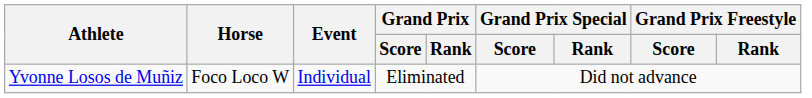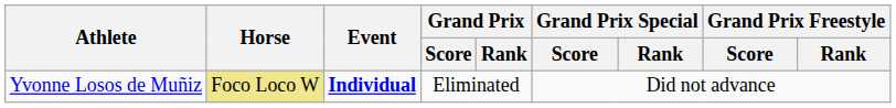 <table class=wikitable style="font-size:90%">
 <tr>
 <th rowspan="2">Athlete</th>
 <th rowspan="2">Horse</th>
 <th rowspan="2">Event</th>
 <th colspan="2">Grand Prix</th>
 <th colspan="2">Grand Prix Special</th>
 <th colspan="2">Grand Prix Freestyle</th>
 </tr>
 <tr>
 <th>Score</th>
 <th>Rank</th>
 <th>Score</th>
 <th>Rank</th>
 <th>Score</th>
 <th>Rank</th>
 </tr>
 <tr>
 <td><a href='#'>Yvonne Losos de Muñiz</a></td>
-<td>Foco Loco W</td>
-<td><a href='#'>Individual</a></td>
+<td style="background: khaki;">Foco Loco W</td>
+<td><strong><a href='#'>Individual</a></strong></td>
 <td align="center" colspan=2>Eliminated</td>
 <td align="center" colspan=7>Did not advance</td>
 </tr>
 </table>
